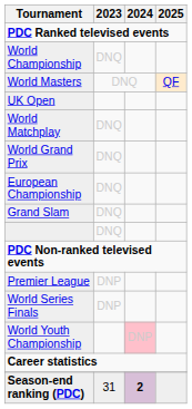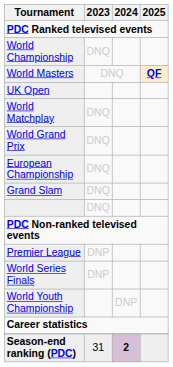 <table class="wikitable" style="width:20%; margin:0">
 <tr>
 <th>Tournament</th>
 <th>2023</th>
 <th>2024</th>
 <th>2025</th>
 </tr>
 <tr>
 <td colspan="5" style="text-align:left"><strong><a href='#'>PDC</a> Ranked televised events</strong></td>
 </tr>
 <tr>
 <td style="background:#efefef;"><a href='#'>World Championship</a></td>
 <td style="text-align:center; color:#ccc;">DNQ</td>
 <td></td>
 <td></td>
 </tr>
 <tr>
 <td style="background:#efefef;"><a href='#'>World Masters</a></td>
 <td colspan="2" style="text-align:center; color:#ccc;">DNQ</td>
-<td style="text-align:center; background:#ffebcd;"><a href='#'>QF</a></td>
+<td style="text-align:center; background:#ffebcd;"><strong><a href='#'>QF</a></strong></td>
 </tr>
 <tr>
 <td style="background:#efefef;"><a href='#'>UK Open</a></td>
 <td></td>
 <td></td>
 <td></td>
 </tr>
 <tr>
 <td style="background:#efefef;"><a href='#'>World Matchplay</a></td>
 <td style="text-align:center; color:#ccc;">DNQ</td>
 <td></td>
 <td></td>
 </tr>
 <tr>
 <td style="background:#efefef;"><a href='#'>World Grand Prix</a></td>
 <td style="text-align:center; color:#ccc;">DNQ</td>
 <td></td>
 <td></td>
 </tr>
 <tr>
 <td style="background:#efefef;"><a href='#'>European Championship</a></td>
 <td style="text-align:center; color:#ccc;">DNQ</td>
 <td></td>
 <td></td>
 </tr>
 <tr>
 <td style="background:#efefef;"><a href='#'>Grand Slam</a></td>
 <td style="text-align:center; color:#ccc;">DNQ</td>
 <td></td>
 <td></td>
 </tr>
 <tr>
 <td style="background:#efefef;"></td>
 <td style="text-align:center; color:#ccc;">DNQ</td>
 <td></td>
 <td></td>
 </tr>
 <tr>
 <td colspan="5" style="text-align:left"><strong><a href='#'>PDC</a> Non-ranked televised events</strong></td>
 </tr>
 <tr>
 <td style="background:#efefef;"><a href='#'>Premier League</a></td>
 <td style="text-align:center; color:#ccc;">DNP</td>
 <td></td>
 <td></td>
 </tr>
 <tr>
 <td style="background:#efefef;"><a href='#'>World Series Finals</a></td>
 <td style="text-align:center; color:#ccc;">DNP</td>
 <td></td>
 <td></td>
 </tr>
 <tr>
 <td style="background:#efefef;"><a href='#'>World Youth Championship</a></td>
 <td></td>
-<td style="background: pink; text-align:center; color:#ccc;">DNP</td>
+<td style="text-align:center; color:#ccc;">DNP</td>
 <td></td>
 </tr>
 <tr>
 <td colspan="10" align="left"><strong>Career statistics</strong></td>
 </tr>
 <tr>
 </tr>
 <tr bgcolor="efefef">
 <td align="left"><strong>Season-end ranking (<a href='#'>PDC</a>)</strong></td>
 <td style="text-align:center;">31</td>
 <td style="text-align:center; background:thistle;"><strong>2</strong></td>
 <td></td>
 </tr>
 </table>
